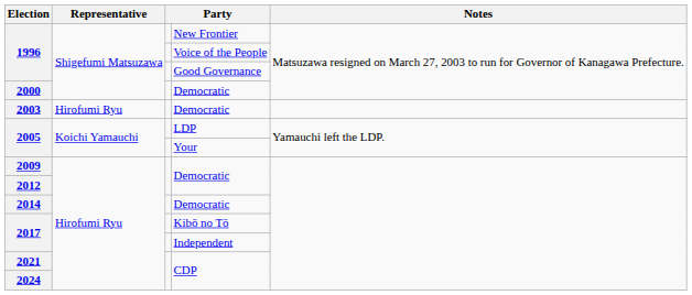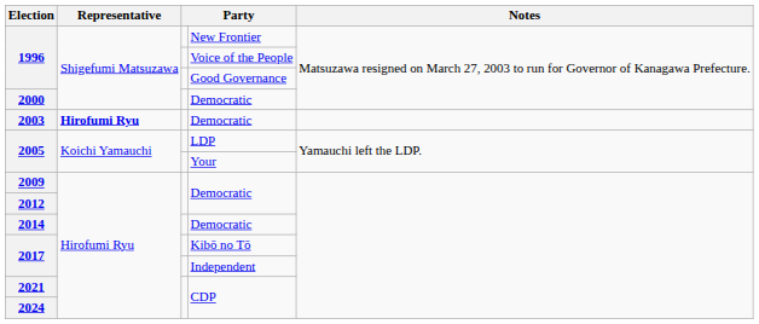 <table class=wikitable>
 <tr valign=bottom>
 <th>Election</th>
 <th>Representative</th>
 <th colspan=2>Party</th>
 <th>Notes</th>
 </tr>
 <tr>
 <th rowspan=3><a href='#'>1996</a></th>
 <td rowspan=4><a href='#'>Shigefumi Matsuzawa</a></td>
 <td bgcolor=></td>
 <td><a href='#'>New Frontier</a></td>
 <td rowspan=4>Matsuzawa resigned on March 27, 2003 to run for Governor of Kanagawa Prefecture.</td>
 </tr>
 <tr>
 <td bgcolor=></td>
 <td><a href='#'>Voice of the People</a></td>
 </tr>
 <tr>
 <td bgcolor=></td>
 <td><a href='#'>Good Governance</a></td>
 </tr>
 <tr>
 <th><a href='#'>2000</a></th>
 <td bgcolor=></td>
 <td><a href='#'>Democratic</a></td>
 </tr>
 <tr>
 <th><a href='#'>2003</a></th>
-<td><a href='#'>Hirofumi Ryu</a></td>
+<td><strong><a href='#'>Hirofumi Ryu</a></strong></td>
 <td bgcolor=></td>
 <td><a href='#'>Democratic</a></td>
 <td></td>
 </tr>
 <tr>
 <th rowspan=2><a href='#'>2005</a></th>
 <td rowspan=2><a href='#'>Koichi Yamauchi</a></td>
 <td bgcolor=></td>
 <td><a href='#'>LDP</a></td>
 <td rowspan=2>Yamauchi left the LDP.</td>
 </tr>
 <tr>
 <td bgcolor=></td>
 <td><a href='#'>Your</a></td>
 </tr>
 <tr>
 <th><a href='#'>2009</a></th>
 <td rowspan=8><a href='#'>Hirofumi Ryu</a></td>
 <td rowspan=3 bgcolor=></td>
 <td rowspan=3><a href='#'>Democratic</a></td>
 <td rowspan=8></td>
 </tr>
 <tr>
 <th><a href='#'>2012</a></th>
 </tr>
 <tr>
 <th rowspan=2><a href='#'>2014</a></th>
 </tr>
 <tr>
 <td bgcolor=></td>
 <td><a href='#'>Democratic</a></td>
 </tr>
 <tr>
 <th rowspan=2><a href='#'>2017</a></th>
 <td bgcolor=></td>
 <td><a href='#'>Kibō no Tō</a></td>
 </tr>
 <tr>
 <td bgcolor=></td>
 <td><a href='#'>Independent</a></td>
 </tr>
 <tr>
 <th><a href='#'>2021</a></th>
 <td rowspan=2 bgcolor=></td>
 <td rowspan=2><a href='#'>CDP</a></td>
 </tr>
 <tr>
 <th><a href='#'>2024</a></th>
 </tr>
 </table>
